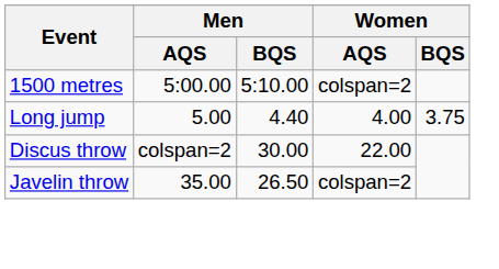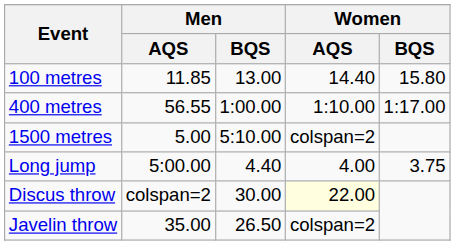 <table class="wikitable" style="text-align:right;">
 <tr>
 </tr>
 <tr>
 <th rowspan=2>Event</th>
 <th colspan=2>Men</th>
 <th colspan=2>Women</th>
 </tr>
 <tr>
 <th>AQS</th>
 <th>BQS</th>
 <th>AQS</th>
 <th>BQS</th>
 </tr>
 <tr>
+<td style="text-align:left;"><a href='#'>100 metres</a></td>
+<td>11.85</td>
+<td>13.00</td>
+<td>14.40</td>
+<td>15.80</td>
+</tr>
+<tr>
+<td style="text-align:left;"><a href='#'>400 metres</a></td>
+<td>56.55</td>
+<td>1:00.00</td>
+<td>1:10.00</td>
+<td>1:17.00</td>
+</tr>
+<tr>
 <td style="text-align:left;"><a href='#'>1500 metres</a></td>
-<td>5:00.00</td>
+<td>5.00</td>
 <td>5:10.00</td>
 <td>colspan=2 </td>
 </tr>
 <tr>
 <td style="text-align:left;"><a href='#'>Long jump</a></td>
-<td>5.00</td>
+<td>5:00.00</td>
 <td>4.40</td>
 <td>4.00</td>
 <td>3.75</td>
 </tr>
 <tr>
 <td style="text-align:left;"><a href='#'>Discus throw</a></td>
 <td>colspan=2 </td>
 <td>30.00</td>
-<td>22.00</td>
+<td style="background: lightyellow;">22.00</td>
 </tr>
 <tr>
 <td style="text-align:left;"><a href='#'>Javelin throw</a></td>
 <td>35.00</td>
 <td>26.50</td>
 <td>colspan=2 </td>
 </tr>
 </table>
